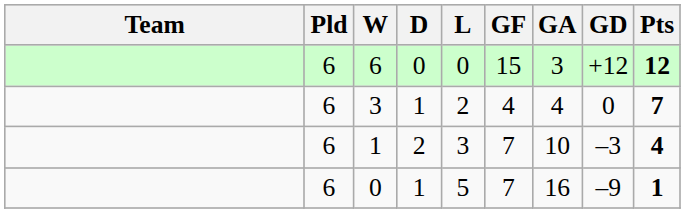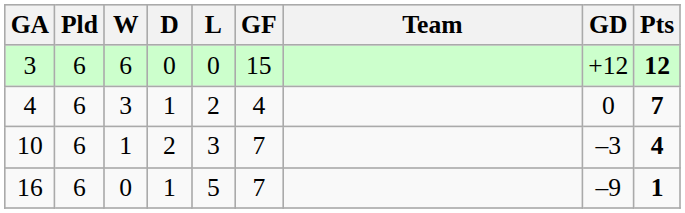 <table class="wikitable" style="text-align:center;">
 <tr>
-<th width=180>Team</th>
+<th width=20>GA</th>
 <th width=20>Pld</th>
 <th width=20>W</th>
 <th width=20>D</th>
 <th width=20>L</th>
 <th width=20>GF</th>
-<th width=20>GA</th>
+<th width=180>Team</th>
 <th width=20>GD</th>
 <th width=20>Pts</th>
 </tr>
 <tr bgcolor="ccffcc">
-<td align="left"></td>
+<td>3</td>
 <td>6</td>
 <td>6</td>
 <td>0</td>
 <td>0</td>
 <td>15</td>
-<td>3</td>
+<td align="left"></td>
 <td>+12</td>
 <td><strong>12</strong></td>
 </tr>
 <tr>
-<td align="left"></td>
+<td>4</td>
 <td>6</td>
 <td>3</td>
 <td>1</td>
 <td>2</td>
 <td>4</td>
-<td>4</td>
+<td align="left"></td>
 <td>0</td>
 <td><strong>7</strong></td>
 </tr>
 <tr>
-<td align="left"></td>
+<td>10</td>
 <td>6</td>
 <td>1</td>
 <td>2</td>
 <td>3</td>
 <td>7</td>
-<td>10</td>
+<td align="left"></td>
 <td>–3</td>
 <td><strong>4</strong></td>
 </tr>
 <tr>
-<td align="left"></td>
+<td>16</td>
 <td>6</td>
 <td>0</td>
 <td>1</td>
 <td>5</td>
 <td>7</td>
-<td>16</td>
+<td align="left"></td>
 <td>–9</td>
 <td><strong>1</strong></td>
 </tr>
 </table>
